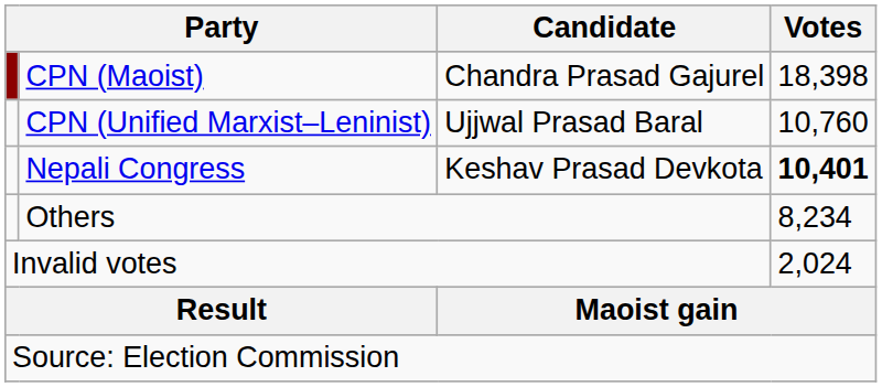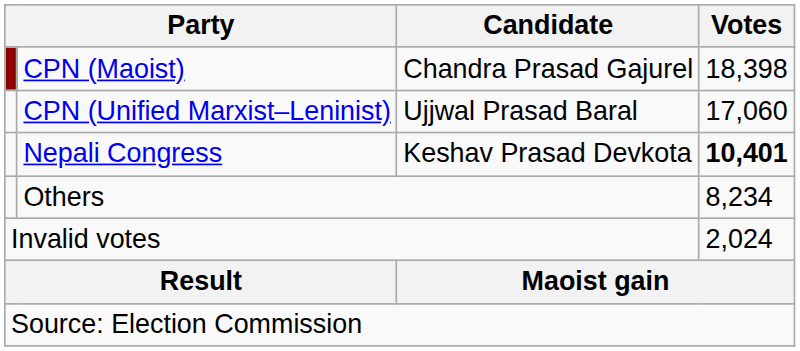 <table class="wikitable">
 <tr>
 <th colspan="2">Party</th>
 <th>Candidate</th>
 <th>Votes</th>
 </tr>
 <tr>
 <td style="background-color:darkred"></td>
 <td><a href='#'>CPN (Maoist)</a></td>
 <td>Chandra Prasad Gajurel</td>
 <td>18,398</td>
 </tr>
 <tr>
 <td style="background-color:"></td>
 <td><a href='#'>CPN (Unified Marxist–Leninist)</a></td>
 <td>Ujjwal Prasad Baral</td>
-<td>10,760</td>
+<td>17,060</td>
 </tr>
 <tr>
 <td style="background-color:"></td>
 <td><a href='#'>Nepali Congress</a></td>
 <td>Keshav Prasad Devkota</td>
 <td><strong>10,401</strong></td>
 </tr>
 <tr>
 <td></td>
 <td colspan="2">Others</td>
 <td>8,234</td>
 </tr>
 <tr>
 <td colspan="3">Invalid votes</td>
 <td>2,024</td>
 </tr>
 <tr>
 <th colspan="2">Result</th>
 <th colspan="2">Maoist gain</th>
 </tr>
 <tr>
 <td colspan="4">Source: Election Commission</td>
 </tr>
 </table>
